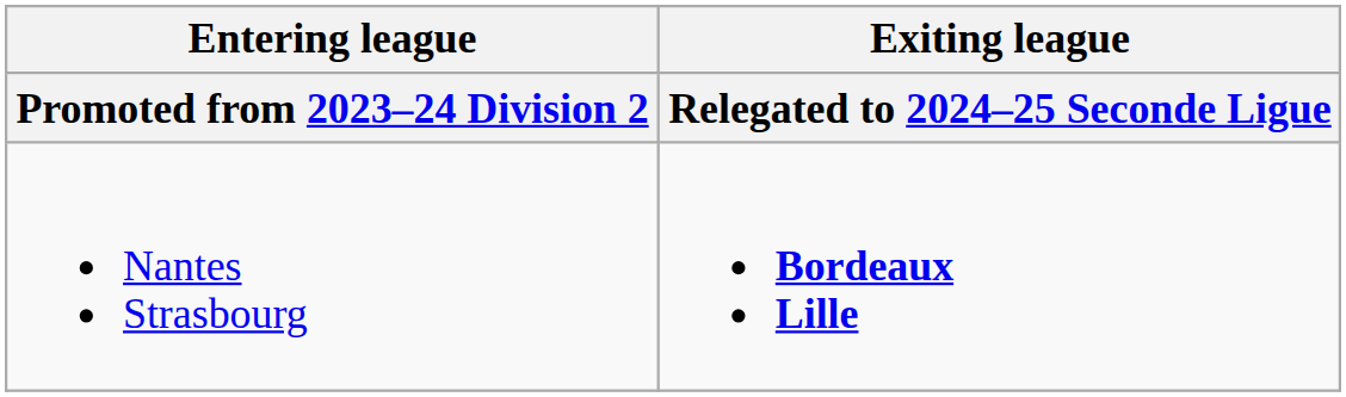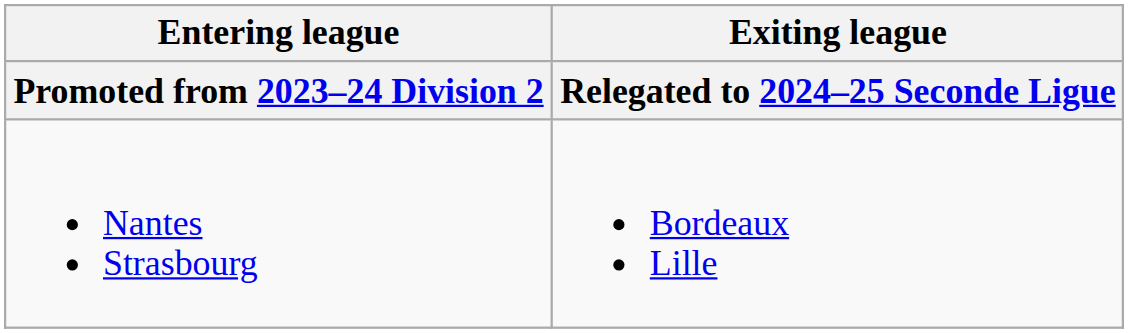 <table class="wikitable">
 <tr>
 <th>Entering league</th>
 <th>Exiting league</th>
 </tr>
 <tr>
 <th>Promoted from <a href='#'>2023–24 Division 2</a></th>
 <th>Relegated to <a href='#'>2024–25 Seconde Ligue</a></th>
 </tr>
 <tr style="vertical-align:top;">
 <td><br><ul><li><a href='#'>Nantes</a></li><li><a href='#'>Strasbourg</a></li></ul></td>
-<td><strong><br><ul><li><a href='#'>Bordeaux</a></li><li><a href='#'>Lille</a></li></ul></strong></td>
+<td><br><ul><li><a href='#'>Bordeaux</a></li><li><a href='#'>Lille</a></li></ul></td>
 </tr>
 </table>
